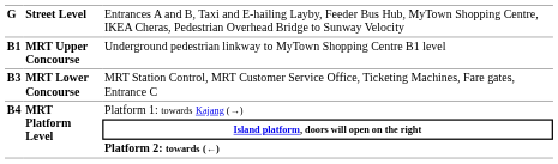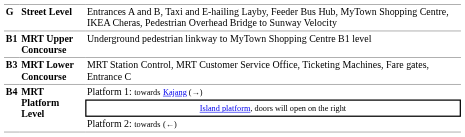 <table border="0" cellspacing="0" cellpadding="3">
 <tr>
 <td valign="top" style="border-top:solid 1px gray; border-bottom:solid 1px gray;"><strong>G</strong></td>
 <td width="100" valign="top" style="border-top:solid 1px gray;  border-bottom:solid 1px gray;"><strong>Street Level</strong></td>
 <td width="400" valign="top" style="border-top:solid 1px gray;  border-bottom:solid 1px gray;">Entrances A and B, Taxi and E-hailing Layby, Feeder Bus Hub, MyTown Shopping Centre, IKEA Cheras, Pedestrian Overhead Bridge to Sunway Velocity</td>
 </tr>
 <tr>
 <td valign="top" style="border-bottom:solid 1px gray;"><strong>B1</strong></td>
 <td width="100" valign="top" style="border-bottom:solid 1px gray;"><strong>MRT Upper Concourse</strong></td>
 <td width="400" valign="top" style="border-bottom:solid 1px gray;">Underground pedestrian linkway to MyTown Shopping Centre B1 level</td>
 </tr>
 <tr>
 <td valign="top" style="border-bottom:solid 1px gray;"><strong>B3</strong></td>
 <td width="100" valign="top" style="border-bottom:solid 1px gray;"><strong>MRT Lower Concourse</strong></td>
 <td width="400" valign="top" style="border-bottom:solid 1px gray;">MRT Station Control, MRT Customer Service Office, Ticketing Machines, Fare gates, Entrance C</td>
 </tr>
 <tr>
 <td rowspan="3" valign="top" style="border-bottom:solid 1px gray;"><strong>B4</strong></td>
 <td rowspan="3" valign="top" style="border-bottom:solid 1px gray;"><strong>MRT Platform Level</strong></td>
 <td width="600">Platform 1:   <small>towards</small> <small> <a href='#'>Kajang</a> (→)</small></td>
 </tr>
 <tr>
-<td style="border: 2px solid black; border-image: none; text-align: center;"><strong><small><a href='#'>Island platform</a>, doors will open on the right</small></strong></td>
+<td style="border: 2px solid black; border-image: none; text-align: center;"><small><a href='#'>Island platform</a>, doors will open on the right</small></td>
 </tr>
 <tr>
-<td style="border-bottom:solid 1px gray;"><strong>Platform 2:   <small>towards</small> <small>  (←)</small></strong></td>
+<td style="border-bottom:solid 1px gray;">Platform 2:   <small>towards</small> <small>  (←)</small></td>
 </tr>
 </table>
